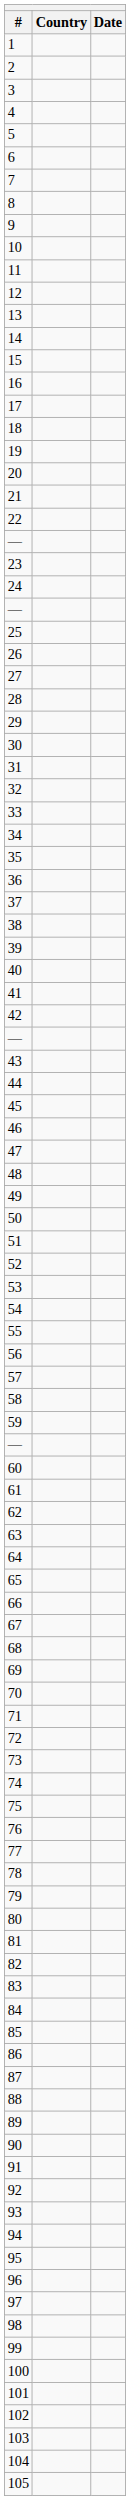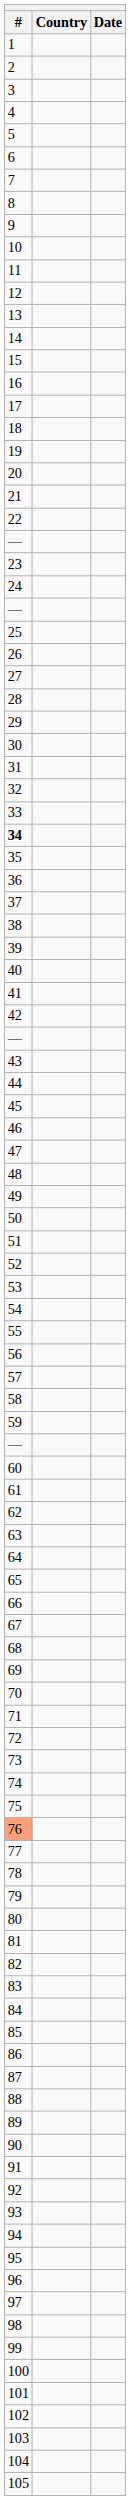 <table class="wikitable sortable">
 <tr>
 <th colspan="3"></th>
 </tr>
 <tr>
 <th>#</th>
 <th>Country</th>
 <th>Date</th>
 </tr>
 <tr>
 <td>1</td>
 <td></td>
 <td></td>
 </tr>
 <tr>
 <td>2</td>
 <td></td>
 <td></td>
 </tr>
 <tr>
 <td>3</td>
 <td></td>
 <td></td>
 </tr>
 <tr>
 <td>4</td>
 <td></td>
 <td></td>
 </tr>
 <tr>
 <td>5</td>
 <td></td>
 <td></td>
 </tr>
 <tr>
 <td>6</td>
 <td></td>
 <td></td>
 </tr>
 <tr>
 <td>7</td>
 <td></td>
 <td></td>
 </tr>
 <tr>
 <td>8</td>
 <td></td>
 <td></td>
 </tr>
 <tr>
 <td>9</td>
 <td></td>
 <td></td>
 </tr>
 <tr>
 <td>10</td>
 <td></td>
 <td></td>
 </tr>
 <tr>
 <td>11</td>
 <td></td>
 <td></td>
 </tr>
 <tr>
 <td>12</td>
 <td></td>
 <td></td>
 </tr>
 <tr>
 <td>13</td>
 <td></td>
 <td></td>
 </tr>
 <tr>
 <td>14</td>
 <td></td>
 <td></td>
 </tr>
 <tr>
 <td>15</td>
 <td></td>
 <td></td>
 </tr>
 <tr>
 <td>16</td>
 <td></td>
 <td></td>
 </tr>
 <tr>
 <td>17</td>
 <td></td>
 <td></td>
 </tr>
 <tr>
 <td>18</td>
 <td></td>
 <td></td>
 </tr>
 <tr>
 <td>19</td>
 <td></td>
 <td></td>
 </tr>
 <tr>
 <td>20</td>
 <td></td>
 <td></td>
 </tr>
 <tr>
 <td>21</td>
 <td></td>
 <td></td>
 </tr>
 <tr>
 <td>22</td>
 <td></td>
 <td></td>
 </tr>
 <tr>
 <td>—</td>
 <td></td>
 <td></td>
 </tr>
 <tr>
 <td>23</td>
 <td></td>
 <td></td>
 </tr>
 <tr>
 <td>24</td>
 <td></td>
 <td></td>
 </tr>
 <tr>
 <td>—</td>
 <td></td>
 <td></td>
 </tr>
 <tr>
 <td>25</td>
 <td></td>
 <td></td>
 </tr>
 <tr>
 <td>26</td>
 <td></td>
 <td></td>
 </tr>
 <tr>
 <td>27</td>
 <td></td>
 <td></td>
 </tr>
 <tr>
 <td>28</td>
 <td></td>
 <td></td>
 </tr>
 <tr>
 <td>29</td>
 <td></td>
 <td></td>
 </tr>
 <tr>
 <td>30</td>
 <td></td>
 <td></td>
 </tr>
 <tr>
 <td>31</td>
 <td></td>
 <td></td>
 </tr>
 <tr>
 <td>32</td>
 <td></td>
 <td></td>
 </tr>
 <tr>
 <td>33</td>
 <td></td>
 <td></td>
 </tr>
 <tr>
-<td>34</td>
+<td><strong>34</strong></td>
 <td></td>
 <td></td>
 </tr>
 <tr>
 <td>35</td>
 <td></td>
 <td></td>
 </tr>
 <tr>
 <td>36</td>
 <td></td>
 <td></td>
 </tr>
 <tr>
 <td>37</td>
 <td></td>
 <td></td>
 </tr>
 <tr>
 <td>38</td>
 <td></td>
 <td></td>
 </tr>
 <tr>
 <td>39</td>
 <td></td>
 <td></td>
 </tr>
 <tr>
 <td>40</td>
 <td></td>
 <td></td>
 </tr>
 <tr>
 <td>41</td>
 <td></td>
 <td></td>
 </tr>
 <tr>
 <td>42</td>
 <td></td>
 <td></td>
 </tr>
 <tr>
 <td>—</td>
 <td></td>
 <td></td>
 </tr>
 <tr>
 <td>43</td>
 <td></td>
 <td></td>
 </tr>
 <tr>
 <td>44</td>
 <td></td>
 <td></td>
 </tr>
 <tr>
 <td>45</td>
 <td></td>
 <td></td>
 </tr>
 <tr>
 <td>46</td>
 <td></td>
 <td></td>
 </tr>
 <tr>
 <td>47</td>
 <td></td>
 <td></td>
 </tr>
 <tr>
 <td>48</td>
 <td></td>
 <td></td>
 </tr>
 <tr>
 <td>49</td>
 <td></td>
 <td></td>
 </tr>
 <tr>
 <td>50</td>
 <td></td>
 <td></td>
 </tr>
 <tr>
 <td>51</td>
 <td></td>
 <td></td>
 </tr>
 <tr>
 <td>52</td>
 <td></td>
 <td></td>
 </tr>
 <tr>
 <td>53</td>
 <td></td>
 <td></td>
 </tr>
 <tr>
 <td>54</td>
 <td></td>
 <td></td>
 </tr>
 <tr>
 <td>55</td>
 <td></td>
 <td></td>
 </tr>
 <tr>
 <td>56</td>
 <td></td>
 <td></td>
 </tr>
 <tr>
 <td>57</td>
 <td></td>
 <td></td>
 </tr>
 <tr>
 <td>58</td>
 <td></td>
 <td></td>
 </tr>
 <tr>
 <td>59</td>
 <td></td>
 <td></td>
 </tr>
 <tr>
 <td>—</td>
 <td></td>
 <td></td>
 </tr>
 <tr>
 <td>60</td>
 <td></td>
 <td></td>
 </tr>
 <tr>
 <td>61</td>
 <td></td>
 <td></td>
 </tr>
 <tr>
 <td>62</td>
 <td></td>
 <td></td>
 </tr>
 <tr>
 <td>63</td>
 <td></td>
 <td></td>
 </tr>
 <tr>
 <td>64</td>
 <td></td>
 <td></td>
 </tr>
 <tr>
 <td>65</td>
 <td></td>
 <td></td>
 </tr>
 <tr>
 <td>66</td>
 <td></td>
 <td></td>
 </tr>
 <tr>
 <td>67</td>
 <td></td>
 <td></td>
 </tr>
 <tr>
 <td>68</td>
 <td></td>
 <td></td>
 </tr>
 <tr>
 <td>69</td>
 <td></td>
 <td></td>
 </tr>
 <tr>
 <td>70</td>
 <td></td>
 <td></td>
 </tr>
 <tr>
 <td>71</td>
 <td></td>
 <td></td>
 </tr>
 <tr>
 <td>72</td>
 <td></td>
 <td></td>
 </tr>
 <tr>
 <td>73</td>
 <td></td>
 <td></td>
 </tr>
 <tr>
 <td>74</td>
 <td></td>
 <td></td>
 </tr>
 <tr>
 <td>75</td>
 <td></td>
 <td></td>
 </tr>
 <tr>
-<td>76</td>
+<td style="background: lightsalmon;">76</td>
 <td></td>
 <td></td>
 </tr>
 <tr>
 <td>77</td>
 <td></td>
 <td></td>
 </tr>
 <tr>
 <td>78</td>
 <td></td>
 <td></td>
 </tr>
 <tr>
 <td>79</td>
 <td></td>
 <td></td>
 </tr>
 <tr>
 <td>80</td>
 <td></td>
 <td></td>
 </tr>
 <tr>
 <td>81</td>
 <td></td>
 <td></td>
 </tr>
 <tr>
 <td>82</td>
 <td></td>
 <td></td>
 </tr>
 <tr>
 <td>83</td>
 <td></td>
 <td></td>
 </tr>
 <tr>
 <td>84</td>
 <td></td>
 <td></td>
 </tr>
 <tr>
 <td>85</td>
 <td></td>
 <td></td>
 </tr>
 <tr>
 <td>86</td>
 <td></td>
 <td></td>
 </tr>
 <tr>
 <td>87</td>
 <td></td>
 <td></td>
 </tr>
 <tr>
 <td>88</td>
 <td></td>
 <td></td>
 </tr>
 <tr>
 <td>89</td>
 <td></td>
 <td></td>
 </tr>
 <tr>
 <td>90</td>
 <td></td>
 <td></td>
 </tr>
 <tr>
 <td>91</td>
 <td></td>
 <td></td>
 </tr>
 <tr>
 <td>92</td>
 <td></td>
 <td></td>
 </tr>
 <tr>
 <td>93</td>
 <td></td>
 <td></td>
 </tr>
 <tr>
 <td>94</td>
 <td></td>
 <td></td>
 </tr>
 <tr>
 <td>95</td>
 <td></td>
 <td></td>
 </tr>
 <tr>
 <td>96</td>
 <td></td>
 <td></td>
 </tr>
 <tr>
 <td>97</td>
 <td></td>
 <td></td>
 </tr>
 <tr>
 <td>98</td>
 <td></td>
 <td></td>
 </tr>
 <tr>
 <td>99</td>
 <td></td>
 <td></td>
 </tr>
 <tr>
 <td>100</td>
 <td></td>
 <td></td>
 </tr>
 <tr>
 <td>101</td>
 <td></td>
 <td></td>
 </tr>
 <tr>
 <td>102</td>
 <td></td>
 <td></td>
 </tr>
 <tr>
 <td>103</td>
 <td></td>
 <td></td>
 </tr>
 <tr>
 <td>104</td>
 <td></td>
 <td></td>
 </tr>
 <tr>
 <td>105</td>
 <td></td>
 <td></td>
 </tr>
 </table>
